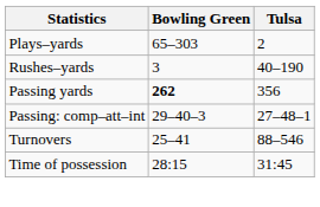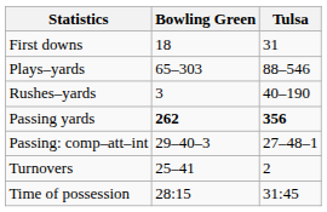 <table class="wikitable" style="float:left">
 <tr>
 <th>Statistics</th>
 <th>Bowling Green</th>
 <th>Tulsa</th>
 </tr>
 <tr>
+<td>First downs</td>
+<td>18</td>
+<td>31</td>
+</tr>
+<tr>
 <td>Plays–yards</td>
 <td>65–303</td>
-<td>2</td>
+<td>88–546</td>
 </tr>
 <tr>
 <td>Rushes–yards</td>
 <td>3</td>
 <td>40–190</td>
 </tr>
 <tr>
 <td>Passing yards</td>
 <td><strong>262</strong></td>
-<td>356</td>
+<td><strong>356</strong></td>
 </tr>
 <tr>
 <td>Passing: comp–att–int</td>
 <td>29–40–3</td>
 <td>27–48–1</td>
 </tr>
 <tr>
 <td>Turnovers</td>
 <td>25–41</td>
-<td>88–546</td>
+<td>2</td>
 </tr>
 <tr>
 <td>Time of possession</td>
 <td>28:15</td>
 <td>31:45</td>
 </tr>
 </table>
